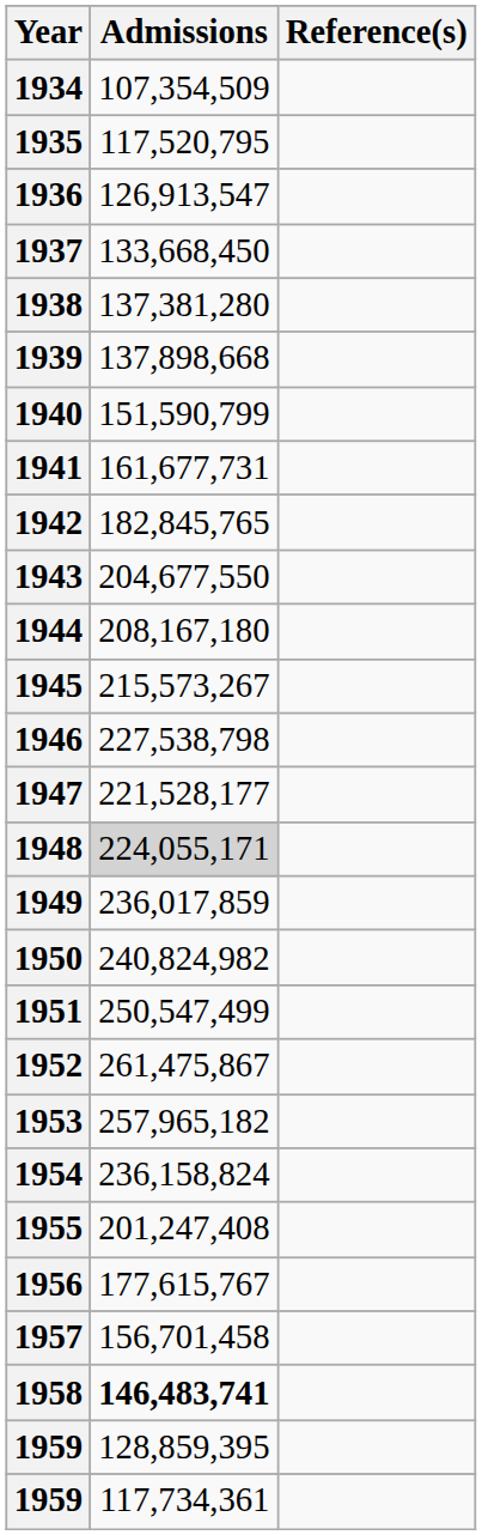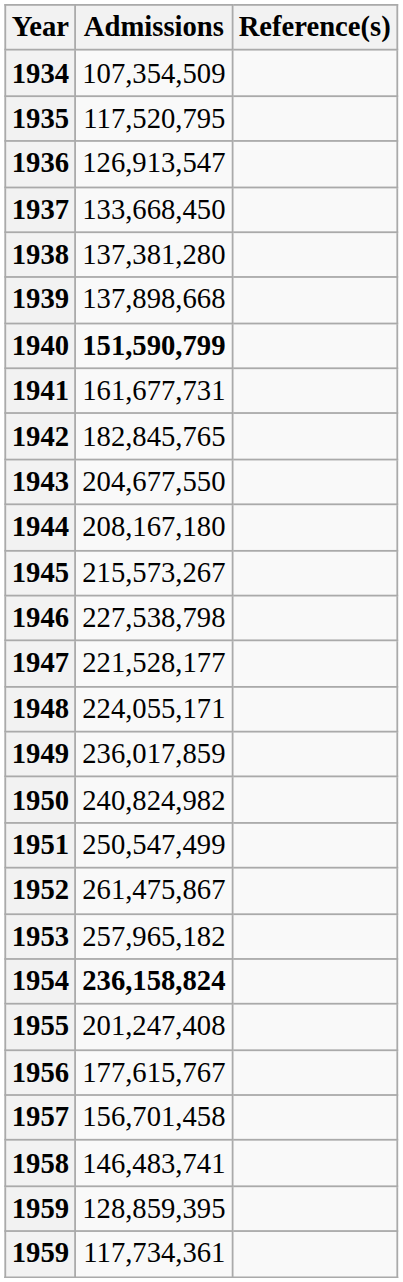 <table class="wikitable plainrowheaders" style="margin:auto; margin:auto;">
 <tr>
 <th scope="col">Year</th>
 <th scope="col">Admissions</th>
 <th scope="col">Reference(s)</th>
 </tr>
 <tr>
 <th scope="row">1934</th>
 <td style="text-align:right;">107,354,509</td>
 <td style="text-align:center;"></td>
 </tr>
 <tr>
 <th scope="row">1935</th>
 <td style="text-align:right;">117,520,795</td>
 <td style="text-align:center;"></td>
 </tr>
 <tr>
 <th scope="row">1936</th>
 <td style="text-align:right;">126,913,547</td>
 <td style="text-align:center;"></td>
 </tr>
 <tr>
 <th scope="row">1937</th>
 <td style="text-align:right;">133,668,450</td>
 <td style="text-align:center;"></td>
 </tr>
 <tr>
 <th scope="row">1938</th>
 <td style="text-align:right;">137,381,280</td>
 <td style="text-align:center;"></td>
 </tr>
 <tr>
 <th scope="row">1939</th>
 <td style="text-align:right;">137,898,668</td>
 <td style="text-align:center;"></td>
 </tr>
 <tr>
 <th scope="row">1940</th>
-<td style="text-align:right;">151,590,799</td>
+<td style="text-align:right;"><strong>151,590,799</strong></td>
 <td style="text-align:center;"></td>
 </tr>
 <tr>
 <th scope="row">1941</th>
 <td style="text-align:right;">161,677,731</td>
 <td style="text-align:center;"></td>
 </tr>
 <tr>
 <th scope="row">1942</th>
 <td style="text-align:right;">182,845,765</td>
 <td style="text-align:center;"></td>
 </tr>
 <tr>
 <th scope="row">1943</th>
 <td style="text-align:right;">204,677,550</td>
 <td style="text-align:center;"></td>
 </tr>
 <tr>
 <th scope="row">1944</th>
 <td style="text-align:right;">208,167,180</td>
 <td style="text-align:center;"></td>
 </tr>
 <tr>
 <th scope="row">1945</th>
 <td style="text-align:right;">215,573,267</td>
 <td style="text-align:center;"></td>
 </tr>
 <tr>
 <th scope="row">1946</th>
 <td style="text-align:right;">227,538,798</td>
 <td style="text-align:center;"></td>
 </tr>
 <tr>
 <th scope="row">1947</th>
 <td style="text-align:right;">221,528,177</td>
 <td style="text-align:center;"></td>
 </tr>
 <tr>
 <th scope="row">1948</th>
-<td style="background: lightgrey; text-align:right;">224,055,171</td>
+<td style="text-align:right;">224,055,171</td>
 <td style="text-align:center;"></td>
 </tr>
 <tr>
 <th scope="row">1949</th>
 <td style="text-align:right;">236,017,859</td>
 <td style="text-align:center;"></td>
 </tr>
 <tr>
 <th scope="row">1950</th>
 <td style="text-align:right;">240,824,982</td>
 <td style="text-align:center;"></td>
 </tr>
 <tr>
 <th scope="row">1951</th>
 <td style="text-align:right;">250,547,499</td>
 <td style="text-align:center;"></td>
 </tr>
 <tr>
 <th scope="row">1952</th>
 <td style="text-align:right;">261,475,867</td>
 <td style="text-align:center;"></td>
 </tr>
 <tr>
 <th scope="row">1953</th>
 <td style="text-align:right;">257,965,182</td>
 <td style="text-align:center;"></td>
 </tr>
 <tr>
 <th scope="row">1954</th>
-<td style="text-align:right;">236,158,824</td>
+<td style="text-align:right;"><strong>236,158,824</strong></td>
 <td style="text-align:center;"></td>
 </tr>
 <tr>
 <th scope="row">1955</th>
 <td style="text-align:right;">201,247,408</td>
 <td style="text-align:center;"></td>
 </tr>
 <tr>
 <th scope="row">1956</th>
 <td style="text-align:right;">177,615,767</td>
 <td style="text-align:center;"></td>
 </tr>
 <tr>
 <th scope="row">1957</th>
 <td style="text-align:right;">156,701,458</td>
 <td style="text-align:center;"></td>
 </tr>
 <tr>
 <th scope="row">1958</th>
-<td style="text-align:right;"><strong>146,483,741</strong></td>
+<td style="text-align:right;">146,483,741</td>
 <td style="text-align:center;"></td>
 </tr>
 <tr>
 <th scope="row">1959</th>
 <td style="text-align:right;">128,859,395</td>
 <td style="text-align:center;"></td>
 </tr>
 <tr>
 <th scope="row">1959</th>
 <td style="text-align:right;">117,734,361</td>
 <td style="text-align:center;"></td>
 </tr>
 <tr>
 </tr>
 </table>
